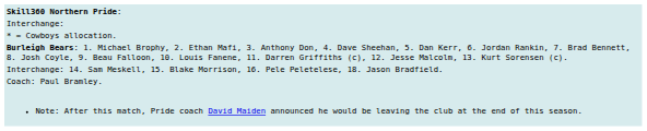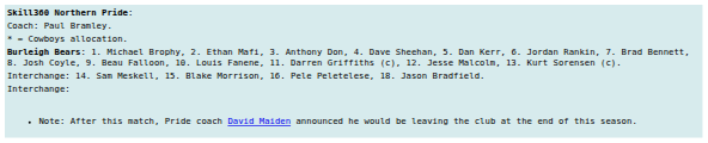 <table style="background:#d7ebed; font-size:85%; width:100%;">
 <tr>
 <td><strong>Skill360 Northern Pride</strong>:             </td>
 </tr>
 <tr>
-<td>Interchange:    </td>
+<td>Coach: Paul Bramley.</td>
 </tr>
 <tr>
 <td>* = Cowboys allocation.</td>
 </tr>
 <tr>
 <td><strong>Burleigh Bears</strong>: 1. Michael Brophy, 2. Ethan Mafi, 3. Anthony Don, 4. Dave Sheehan, 5. Dan Kerr, 6. Jordan Rankin, 7. Brad Bennett, 8. Josh Coyle, 9. Beau Falloon, 10. Louis Fanene, 11. Darren Griffiths (c), 12. Jesse Malcolm, 13. Kurt Sorensen (c).</td>
 </tr>
 <tr>
 <td>Interchange: 14. Sam Meskell, 15. Blake Morrison, 16. Pele Peletelese, 18. Jason Bradfield.</td>
 </tr>
 <tr>
-<td>Coach: Paul Bramley.</td>
+<td>Interchange:    </td>
 </tr>
 <tr>
 <td><br><ul><li>Note: After this match, Pride coach <a href='#'>David Maiden</a> announced he would be leaving the club at the end of this season.</li></ul></td>
 </tr>
 </table>
